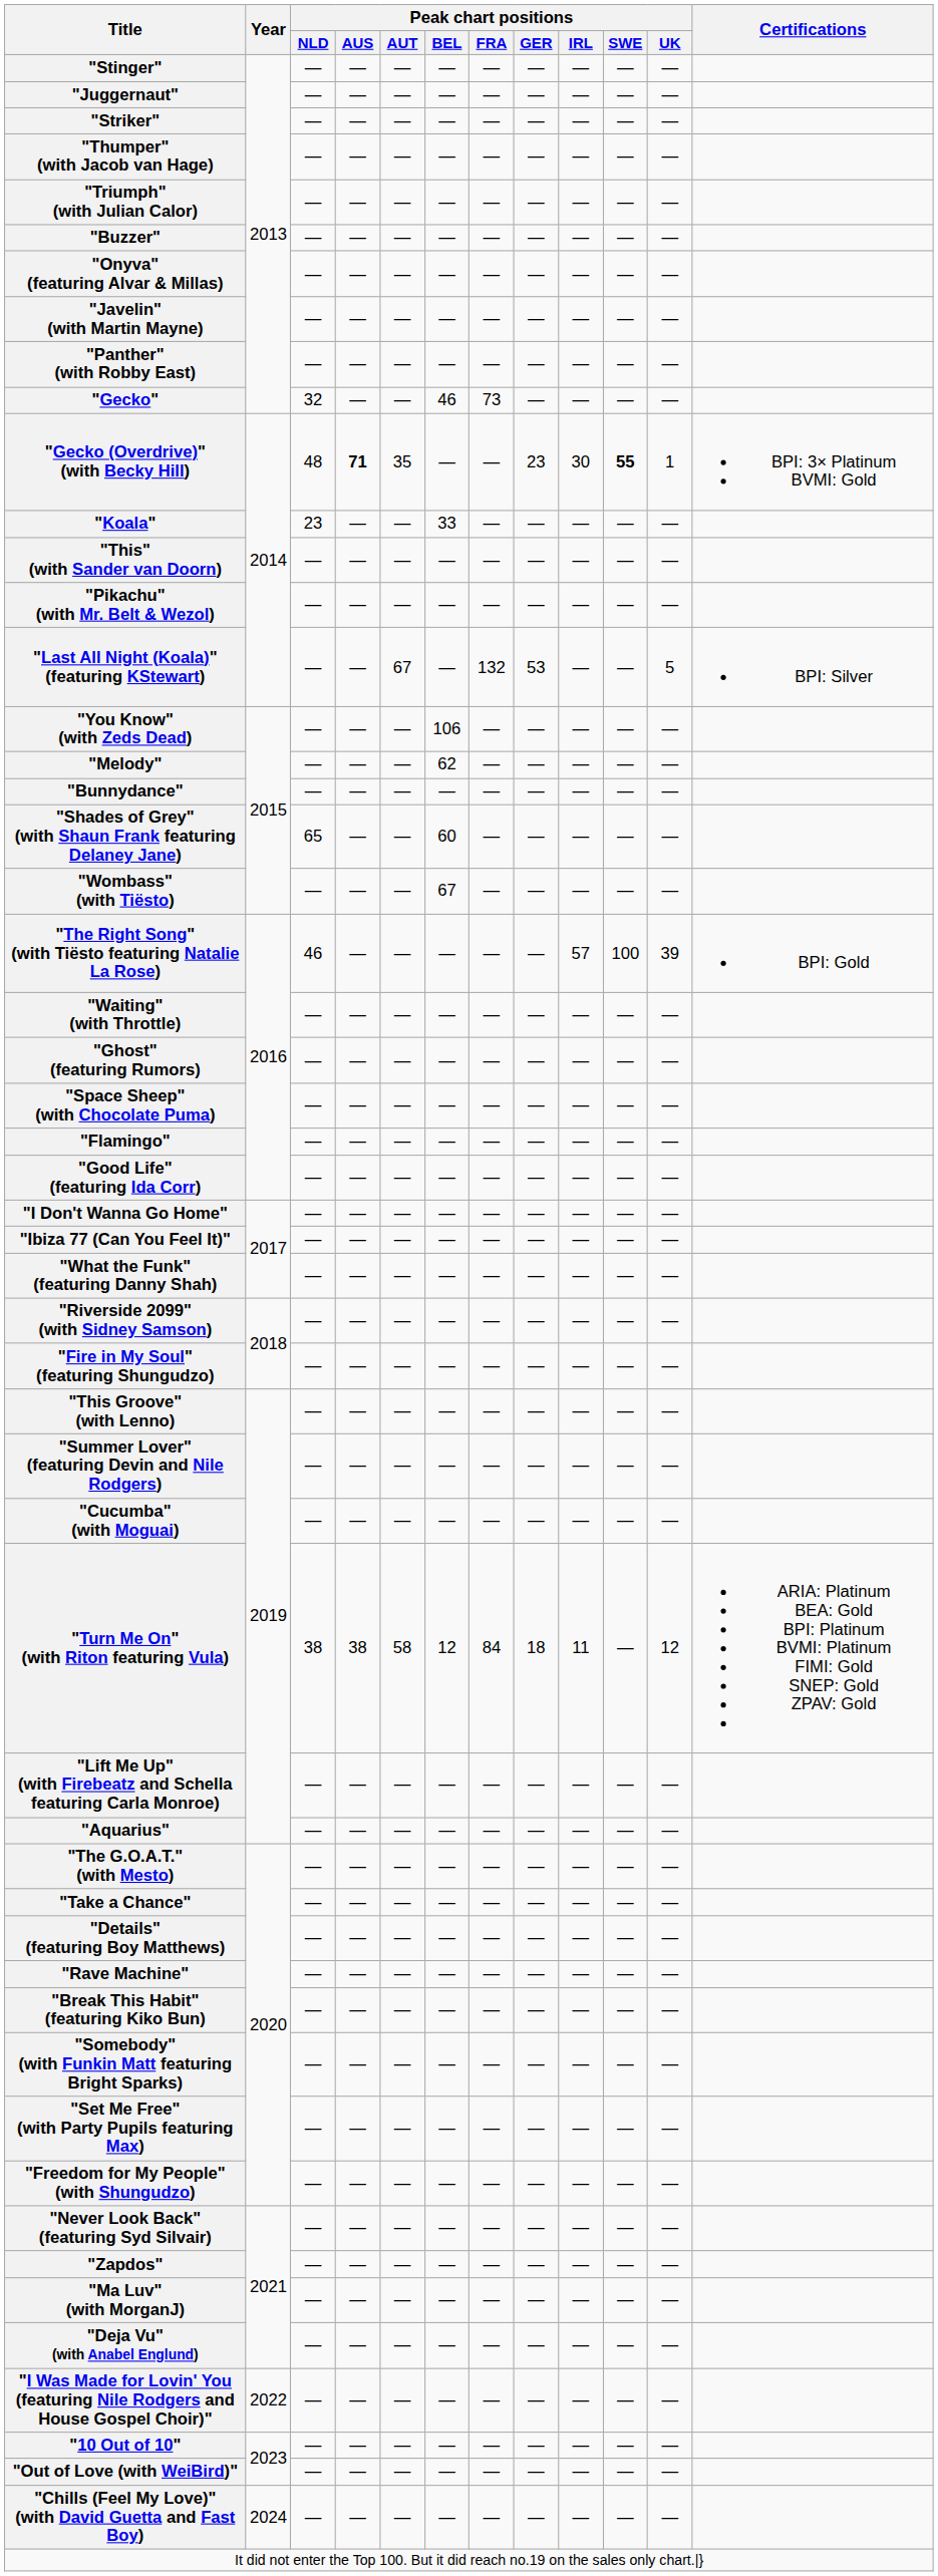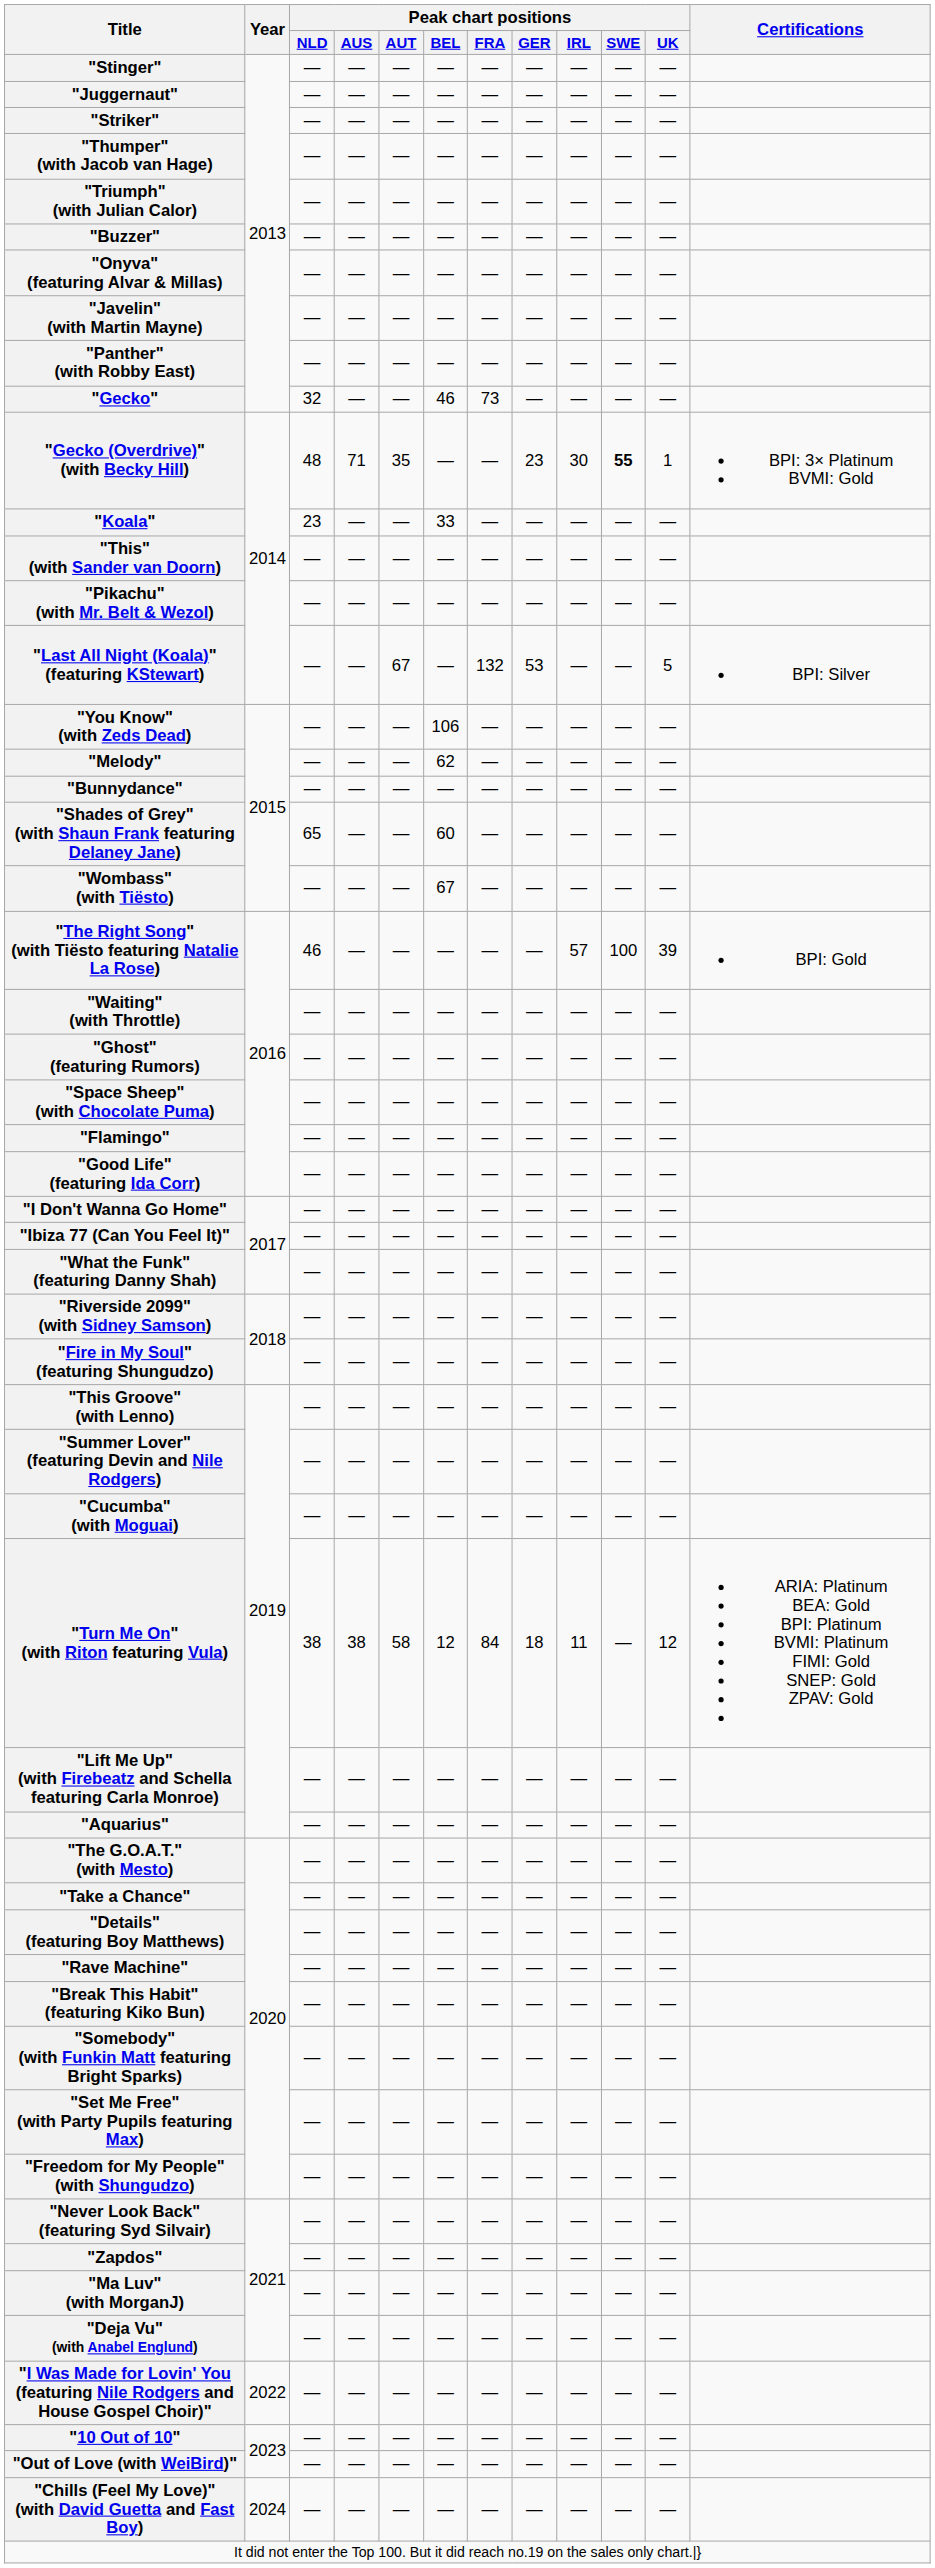 <table class="wikitable plainrowheaders" style="text-align:center;" border="1">
 <tr>
 <th scope="col" rowspan="2" style="width:14em;">Title</th>
 <th scope="col" rowspan="2" style="width:1em;">Year</th>
 <th scope="col" colspan="9">Peak chart positions</th>
 <th scope="col" rowspan="2" style="width:14em;"><a href='#'>Certifications</a></th>
 </tr>
 <tr>
 <th scope="col" style="width:2.5em;font-size:90%;"><a href='#'>NLD</a> <br></th>
 <th scope="col" style="width:2.5em;font-size:90%;"><a href='#'>AUS</a><br></th>
 <th scope="col" style="width:2.5em;font-size:90%;"><a href='#'>AUT</a><br></th>
 <th scope="col" style="width:2.5em;font-size:90%;"><a href='#'>BEL</a> <br></th>
 <th scope="col" style="width:2.5em;font-size:90%;"><a href='#'>FRA</a><br></th>
 <th scope="col" style="width:2.5em;font-size:90%;"><a href='#'>GER</a><br></th>
 <th scope="col" style="width:2.5em;font-size:90%;"><a href='#'>IRL</a><br></th>
 <th scope="col" style="width:2.5em;font-size:90%;"><a href='#'>SWE</a> <br></th>
 <th scope="col" style="width:2.5em;font-size:90%;"><a href='#'>UK</a> <br></th>
 </tr>
 <tr>
 <th scope="row">"Stinger"</th>
 <td rowspan="10">2013</td>
 <td>—</td>
 <td>—</td>
 <td>—</td>
 <td>—</td>
 <td>—</td>
 <td>—</td>
 <td>—</td>
 <td>—</td>
 <td>—</td>
 <td></td>
 </tr>
 <tr>
 <th scope="row">"Juggernaut"</th>
 <td>—</td>
 <td>—</td>
 <td>—</td>
 <td>—</td>
 <td>—</td>
 <td>—</td>
 <td>—</td>
 <td>—</td>
 <td>—</td>
 <td></td>
 </tr>
 <tr>
 <th scope="row">"Striker"</th>
 <td>—</td>
 <td>—</td>
 <td>—</td>
 <td>—</td>
 <td>—</td>
 <td>—</td>
 <td>—</td>
 <td>—</td>
 <td>—</td>
 <td></td>
 </tr>
 <tr>
 <th scope="row">"Thumper"<br><span>(with Jacob van Hage)</span></th>
 <td>—</td>
 <td>—</td>
 <td>—</td>
 <td>—</td>
 <td>—</td>
 <td>—</td>
 <td>—</td>
 <td>—</td>
 <td>—</td>
 <td></td>
 </tr>
 <tr>
 <th scope="row">"Triumph"<br><span>(with Julian Calor)</span></th>
 <td>—</td>
 <td>—</td>
 <td>—</td>
 <td>—</td>
 <td>—</td>
 <td>—</td>
 <td>—</td>
 <td>—</td>
 <td>—</td>
 <td></td>
 </tr>
 <tr>
 <th scope="row">"Buzzer"</th>
 <td>—</td>
 <td>—</td>
 <td>—</td>
 <td>—</td>
 <td>—</td>
 <td>—</td>
 <td>—</td>
 <td>—</td>
 <td>—</td>
 <td></td>
 </tr>
 <tr>
 <th scope="row">"Onyva"<br><span>(featuring Alvar & Millas)</span></th>
 <td>—</td>
 <td>—</td>
 <td>—</td>
 <td>—</td>
 <td>—</td>
 <td>—</td>
 <td>—</td>
 <td>—</td>
 <td>—</td>
 <td></td>
 </tr>
 <tr>
 <th scope="row">"Javelin"<br><span>(with Martin Mayne)</span></th>
 <td>—</td>
 <td>—</td>
 <td>—</td>
 <td>—</td>
 <td>—</td>
 <td>—</td>
 <td>—</td>
 <td>—</td>
 <td>—</td>
 <td></td>
 </tr>
 <tr>
 <th scope="row">"Panther"<br><span>(with Robby East)</span></th>
 <td>—</td>
 <td>—</td>
 <td>—</td>
 <td>—</td>
 <td>—</td>
 <td>—</td>
 <td>—</td>
 <td>—</td>
 <td>—</td>
 <td></td>
 </tr>
 <tr>
 <th scope="row">"<a href='#'>Gecko</a>"</th>
 <td>32</td>
 <td>—</td>
 <td>—</td>
 <td>46</td>
 <td>73</td>
 <td>—</td>
 <td>—</td>
 <td>—</td>
 <td>—</td>
 <td></td>
 </tr>
 <tr>
 <th scope="row">"<a href='#'>Gecko (Overdrive)</a>"<br><span>(with <a href='#'>Becky Hill</a>)</span></th>
 <td rowspan="5">2014</td>
 <td>48</td>
-<td><strong>71</strong></td>
+<td>71</td>
 <td>35</td>
 <td>—</td>
 <td>—</td>
 <td>23</td>
 <td>30</td>
 <td><strong>55</strong></td>
 <td>1</td>
 <td><br><ul><li>BPI: 3× Platinum</li><li>BVMI: Gold</li></ul></td>
 </tr>
 <tr>
 <th scope="row">"<a href='#'>Koala</a>"</th>
 <td>23</td>
 <td>—</td>
 <td>—</td>
 <td>33</td>
 <td>—</td>
 <td>—</td>
 <td>—</td>
 <td>—</td>
 <td>—</td>
 <td></td>
 </tr>
 <tr>
 <th scope="row">"This"<br><span>(with <a href='#'>Sander van Doorn</a>)</span></th>
 <td>—</td>
 <td>—</td>
 <td>—</td>
 <td>—</td>
 <td>—</td>
 <td>—</td>
 <td>—</td>
 <td>—</td>
 <td>—</td>
 <td></td>
 </tr>
 <tr>
 <th scope="row">"Pikachu"<br><span>(with <a href='#'>Mr. Belt & Wezol</a>)</span></th>
 <td>—</td>
 <td>—</td>
 <td>—</td>
 <td>—</td>
 <td>—</td>
 <td>—</td>
 <td>—</td>
 <td>—</td>
 <td>—</td>
 <td></td>
 </tr>
 <tr>
 <th scope="row">"<a href='#'>Last All Night (Koala)</a>"<br><span>(featuring <a href='#'>KStewart</a>)</span></th>
 <td>—</td>
 <td>—</td>
 <td>67</td>
 <td>—</td>
 <td>132</td>
 <td>53</td>
 <td>—</td>
 <td>—</td>
 <td>5</td>
 <td><br><ul><li>BPI: Silver</li></ul></td>
 </tr>
 <tr>
 <th scope="row">"You Know"<br><span>(with <a href='#'>Zeds Dead</a>)</span></th>
 <td rowspan="5">2015</td>
 <td>—</td>
 <td>—</td>
 <td>—</td>
 <td>106</td>
 <td>—</td>
 <td>—</td>
 <td>—</td>
 <td>—</td>
 <td>—</td>
 <td></td>
 </tr>
 <tr>
 <th scope="row">"Melody"</th>
 <td>—</td>
 <td>—</td>
 <td>—</td>
 <td>62</td>
 <td>—</td>
 <td>—</td>
 <td>—</td>
 <td>—</td>
 <td>—</td>
 <td></td>
 </tr>
 <tr>
 <th scope="row">"Bunnydance"</th>
 <td>—</td>
 <td>—</td>
 <td>—</td>
 <td>—</td>
 <td>—</td>
 <td>—</td>
 <td>—</td>
 <td>—</td>
 <td>—</td>
 <td></td>
 </tr>
 <tr>
 <th scope="row">"Shades of Grey"<br><span>(with <a href='#'>Shaun Frank</a> featuring <a href='#'>Delaney Jane</a>)</span></th>
 <td>65</td>
 <td>—</td>
 <td>—</td>
 <td>60</td>
 <td>—</td>
 <td>—</td>
 <td>—</td>
 <td>—</td>
 <td>—</td>
 <td></td>
 </tr>
 <tr>
 <th scope="row">"Wombass"<br><span>(with <a href='#'>Tiësto</a>)</span></th>
 <td>—</td>
 <td>—</td>
 <td>—</td>
 <td>67</td>
 <td>—</td>
 <td>—</td>
 <td>—</td>
 <td>—</td>
 <td>—</td>
 <td></td>
 </tr>
 <tr>
 <th scope="row">"<a href='#'>The Right Song</a>"<br><span>(with Tiësto featuring <a href='#'>Natalie La Rose</a>)</span></th>
 <td rowspan="6">2016</td>
 <td>46</td>
 <td>—</td>
 <td>—</td>
 <td>—</td>
 <td>—</td>
 <td>—</td>
 <td>57</td>
 <td>100</td>
 <td>39</td>
 <td><br><ul><li>BPI: Gold</li></ul></td>
 </tr>
 <tr>
 <th scope="row">"Waiting"<br><span>(with Throttle)</span></th>
 <td>—</td>
 <td>—</td>
 <td>—</td>
 <td>—</td>
 <td>—</td>
 <td>—</td>
 <td>—</td>
 <td>—</td>
 <td>—</td>
 <td></td>
 </tr>
 <tr>
 <th scope="row">"Ghost"<br><span>(featuring Rumors)</span></th>
 <td>—</td>
 <td>—</td>
 <td>—</td>
 <td>—</td>
 <td>—</td>
 <td>—</td>
 <td>—</td>
 <td>—</td>
 <td>—</td>
 <td></td>
 </tr>
 <tr>
 <th scope="row">"Space Sheep"<br><span>(with <a href='#'>Chocolate Puma</a>)</span></th>
 <td>—</td>
 <td>—</td>
 <td>—</td>
 <td>—</td>
 <td>—</td>
 <td>—</td>
 <td>—</td>
 <td>—</td>
 <td>—</td>
 <td></td>
 </tr>
 <tr>
 <th scope="row">"Flamingo"</th>
 <td>—</td>
 <td>—</td>
 <td>—</td>
 <td>—</td>
 <td>—</td>
 <td>—</td>
 <td>—</td>
 <td>—</td>
 <td>—</td>
 <td></td>
 </tr>
 <tr>
 <th scope="row">"Good Life"<br><span>(featuring <a href='#'>Ida Corr</a>)</span></th>
 <td>—</td>
 <td>—</td>
 <td>—</td>
 <td>—</td>
 <td>—</td>
 <td>—</td>
 <td>—</td>
 <td>—</td>
 <td>—</td>
 <td></td>
 </tr>
 <tr>
 <th scope="row">"I Don't Wanna Go Home"</th>
 <td rowspan="3">2017</td>
 <td>—</td>
 <td>—</td>
 <td>—</td>
 <td>—</td>
 <td>—</td>
 <td>—</td>
 <td>—</td>
 <td>—</td>
 <td>—</td>
 <td></td>
 </tr>
 <tr>
 <th scope="row">"Ibiza 77 (Can You Feel It)"</th>
 <td>—</td>
 <td>—</td>
 <td>—</td>
 <td>—</td>
 <td>—</td>
 <td>—</td>
 <td>—</td>
 <td>—</td>
 <td>—</td>
 <td></td>
 </tr>
 <tr>
 <th scope="row">"What the Funk"<br><span>(featuring Danny Shah)</span></th>
 <td>—</td>
 <td>—</td>
 <td>—</td>
 <td>—</td>
 <td>—</td>
 <td>—</td>
 <td>—</td>
 <td>—</td>
 <td>—</td>
 <td></td>
 </tr>
 <tr>
 <th scope="row">"Riverside 2099" <br><span>(with <a href='#'>Sidney Samson</a>)</span></th>
 <td rowspan="2">2018</td>
 <td>—</td>
 <td>—</td>
 <td>—</td>
 <td>—</td>
 <td>—</td>
 <td>—</td>
 <td>—</td>
 <td>—</td>
 <td>—</td>
 <td></td>
 </tr>
 <tr>
 <th scope="row">"<a href='#'>Fire in My Soul</a>"<br><span>(featuring Shungudzo)</span></th>
 <td>—</td>
 <td>—</td>
 <td>—</td>
 <td>—</td>
 <td>—</td>
 <td>—</td>
 <td>—</td>
 <td>—</td>
 <td>—</td>
 <td></td>
 </tr>
 <tr>
 <th scope="row">"This Groove" <br><span>(with Lenno)</span></th>
 <td rowspan="6">2019</td>
 <td>—</td>
 <td>—</td>
 <td>—</td>
 <td>—</td>
 <td>—</td>
 <td>—</td>
 <td>—</td>
 <td>—</td>
 <td>—</td>
 <td></td>
 </tr>
 <tr>
 <th scope="row">"Summer Lover" <br><span>(featuring Devin and <a href='#'>Nile Rodgers</a>)</span></th>
 <td>—</td>
 <td>—</td>
 <td>—</td>
 <td>—</td>
 <td>—</td>
 <td>—</td>
 <td>—</td>
 <td>—</td>
 <td>—</td>
 <td></td>
 </tr>
 <tr>
 <th scope="row">"Cucumba" <br><span>(with <a href='#'>Moguai</a>)</span></th>
 <td>—</td>
 <td>—</td>
 <td>—</td>
 <td>—</td>
 <td>—</td>
 <td>—</td>
 <td>—</td>
 <td>—</td>
 <td>—</td>
 <td></td>
 </tr>
 <tr>
 <th scope="row">"<a href='#'>Turn Me On</a>" <br><span>(with <a href='#'>Riton</a> featuring <a href='#'>Vula</a>)</span></th>
 <td>38</td>
 <td>38</td>
 <td>58</td>
 <td>12</td>
 <td>84<br></td>
 <td>18</td>
 <td>11<br></td>
 <td>—</td>
 <td>12</td>
 <td><br><ul><li>ARIA: Platinum</li><li>BEA: Gold</li><li>BPI: Platinum</li><li>BVMI: Platinum</li><li>FIMI: Gold</li><li>SNEP: Gold</li><li>ZPAV: Gold</li><li></li></ul></td>
 </tr>
 <tr>
 <th scope="row">"Lift Me Up" <br><span>(with <a href='#'>Firebeatz</a> and Schella featuring Carla Monroe)</span></th>
 <td>—</td>
 <td>—</td>
 <td>—</td>
 <td>—</td>
 <td>—</td>
 <td>—</td>
 <td>—</td>
 <td>—</td>
 <td>—</td>
 <td></td>
 </tr>
 <tr>
 <th scope="row">"Aquarius"</th>
 <td>—</td>
 <td>—</td>
 <td>—</td>
 <td>—</td>
 <td>—</td>
 <td>—</td>
 <td>—</td>
 <td>—</td>
 <td>—</td>
 <td></td>
 </tr>
 <tr>
 <th scope="row">"The G.O.A.T." <br><span>(with <a href='#'>Mesto</a>)</span></th>
 <td rowspan="8">2020</td>
 <td>—</td>
 <td>—</td>
 <td>—</td>
 <td>—</td>
 <td>—</td>
 <td>—</td>
 <td>—</td>
 <td>—</td>
 <td>—</td>
 <td></td>
 </tr>
 <tr>
 <th scope="row">"Take a Chance"</th>
 <td>—</td>
 <td>—</td>
 <td>—</td>
 <td>—</td>
 <td>—</td>
 <td>—</td>
 <td>—</td>
 <td>—</td>
 <td>—</td>
 <td></td>
 </tr>
 <tr>
 <th scope="row">"Details" <br><span>(featuring Boy Matthews)</span></th>
 <td>—</td>
 <td>—</td>
 <td>—</td>
 <td>—</td>
 <td>—</td>
 <td>—</td>
 <td>—</td>
 <td>—</td>
 <td>—</td>
 <td></td>
 </tr>
 <tr>
 <th scope="row">"Rave Machine"</th>
 <td>—</td>
 <td>—</td>
 <td>—</td>
 <td>—</td>
 <td>—</td>
 <td>—</td>
 <td>—</td>
 <td>—</td>
 <td>—</td>
 <td></td>
 </tr>
 <tr>
 <th scope="row">"Break This Habit" <br><span>(featuring Kiko Bun)</span></th>
 <td>—</td>
 <td>—</td>
 <td>—</td>
 <td>—</td>
 <td>—</td>
 <td>—</td>
 <td>—</td>
 <td>—</td>
 <td>—</td>
 <td></td>
 </tr>
 <tr>
 <th scope="row">"Somebody" <br><span>(with <a href='#'>Funkin Matt</a> featuring Bright Sparks)</span></th>
 <td>—</td>
 <td>—</td>
 <td>—</td>
 <td>—</td>
 <td>—</td>
 <td>—</td>
 <td>—</td>
 <td>—</td>
 <td>—</td>
 <td></td>
 </tr>
 <tr>
 <th scope="row">"Set Me Free" <br><span>(with Party Pupils featuring <a href='#'>Max</a>)</span></th>
 <td>—</td>
 <td>—</td>
 <td>—</td>
 <td>—</td>
 <td>—</td>
 <td>—</td>
 <td>—</td>
 <td>—</td>
 <td>—</td>
 <td></td>
 </tr>
 <tr>
 <th scope="row">"Freedom for My People" <br><span>(with <a href='#'>Shungudzo</a>)</span></th>
 <td>—</td>
 <td>—</td>
 <td>—</td>
 <td>—</td>
 <td>—</td>
 <td>—</td>
 <td>—</td>
 <td>—</td>
 <td>—</td>
 <td></td>
 </tr>
 <tr>
 <th scope="row">"Never Look Back" <br><span>(featuring Syd Silvair)</span></th>
 <td rowspan="4">2021</td>
 <td>—</td>
 <td>—</td>
 <td>—</td>
 <td>—</td>
 <td>—</td>
 <td>—</td>
 <td>—</td>
 <td>—</td>
 <td>—</td>
 <td></td>
 </tr>
 <tr>
 <th scope="row">"Zapdos"</th>
 <td>—</td>
 <td>—</td>
 <td>—</td>
 <td>—</td>
 <td>—</td>
 <td>—</td>
 <td>—</td>
 <td>—</td>
 <td>—</td>
 <td></td>
 </tr>
 <tr>
 <th scope="row">"Ma Luv" <br><span>(with MorganJ)</span></th>
 <td>—</td>
 <td>—</td>
 <td>—</td>
 <td>—</td>
 <td>—</td>
 <td>—</td>
 <td>—</td>
 <td>—</td>
 <td>—</td>
 <td></td>
 </tr>
 <tr>
 <th scope="row">"Deja Vu"<br><small>(with <a href='#'>Anabel Englund</a>)</small></th>
 <td>—</td>
 <td>—</td>
 <td>—</td>
 <td>—</td>
 <td>—</td>
 <td>—</td>
 <td>—</td>
 <td>—</td>
 <td>—</td>
 <td></td>
 </tr>
 <tr>
 <th scope="row">"<a href='#'>I Was Made for Lovin' You</a> (featuring <a href='#'>Nile Rodgers</a> and House Gospel Choir)"</th>
 <td>2022</td>
 <td>—</td>
 <td>—</td>
 <td>—</td>
 <td>—</td>
 <td>—</td>
 <td>—</td>
 <td>—</td>
 <td>—</td>
 <td>—</td>
 <td></td>
 </tr>
 <tr>
 <th scope="row">"<a href='#'>10 Out of 10</a>" <br></th>
 <td rowspan="2">2023</td>
 <td>—</td>
 <td>—</td>
 <td>—</td>
 <td>—</td>
 <td>—</td>
 <td>—</td>
 <td>—</td>
 <td>—</td>
 <td>—</td>
 <td></td>
 </tr>
 <tr>
 <th scope="row">"Out of Love (with <a href='#'>WeiBird</a>)"</th>
 <td>—</td>
 <td>—</td>
 <td>—</td>
 <td>—</td>
 <td>—</td>
 <td>—</td>
 <td>—</td>
 <td>—</td>
 <td>—</td>
 <td></td>
 </tr>
 <tr>
 <th scope="row">"Chills (Feel My Love)"<br>(with <a href='#'>David Guetta</a> and <a href='#'>Fast Boy</a>)</th>
 <td>2024</td>
 <td>—</td>
 <td>—</td>
 <td>—</td>
 <td>—</td>
 <td>—</td>
 <td>―</td>
 <td>—</td>
 <td>—</td>
 <td>—</td>
 <td></td>
 </tr>
 <tr>
 <td colspan="12" style="font-size:85%">It did not enter the Top 100. But it did reach no.19 on the sales only chart.|}</td>
 </tr>
 </table>
